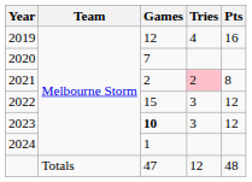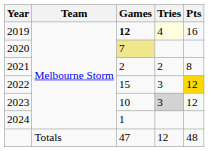 <table class="wikitable">
 <tr>
 <th>Year</th>
 <th>Team</th>
 <th>Games</th>
 <th>Tries</th>
 <th>Pts</th>
 </tr>
 <tr>
 <td>2019</td>
 <td rowspan="6"> <a href='#'>Melbourne Storm</a></td>
-<td>12</td>
-<td>4</td>
+<td><strong>12</strong></td>
+<td style="background: lightyellow;">4</td>
 <td>16</td>
 </tr>
 <tr>
 <td>2020</td>
-<td>7</td>
+<td style="background: khaki;">7</td>
 <td></td>
 <td></td>
 </tr>
 <tr>
 <td>2021</td>
 <td>2</td>
-<td style="background: pink;">2</td>
+<td>2</td>
 <td>8</td>
 </tr>
 <tr>
 <td>2022</td>
 <td>15</td>
 <td>3</td>
-<td>12</td>
+<td style="background: gold;">12</td>
 </tr>
 <tr>
 <td>2023</td>
-<td><strong>10</strong></td>
-<td>3</td>
+<td>10</td>
+<td style="background: lightgrey;">3</td>
 <td>12</td>
 </tr>
 <tr>
 <td>2024</td>
 <td>1</td>
 <td></td>
 <td></td>
 </tr>
 <tr>
 <td></td>
 <td>Totals</td>
 <td>47</td>
 <td>12</td>
 <td>48</td>
 </tr>
 </table>
